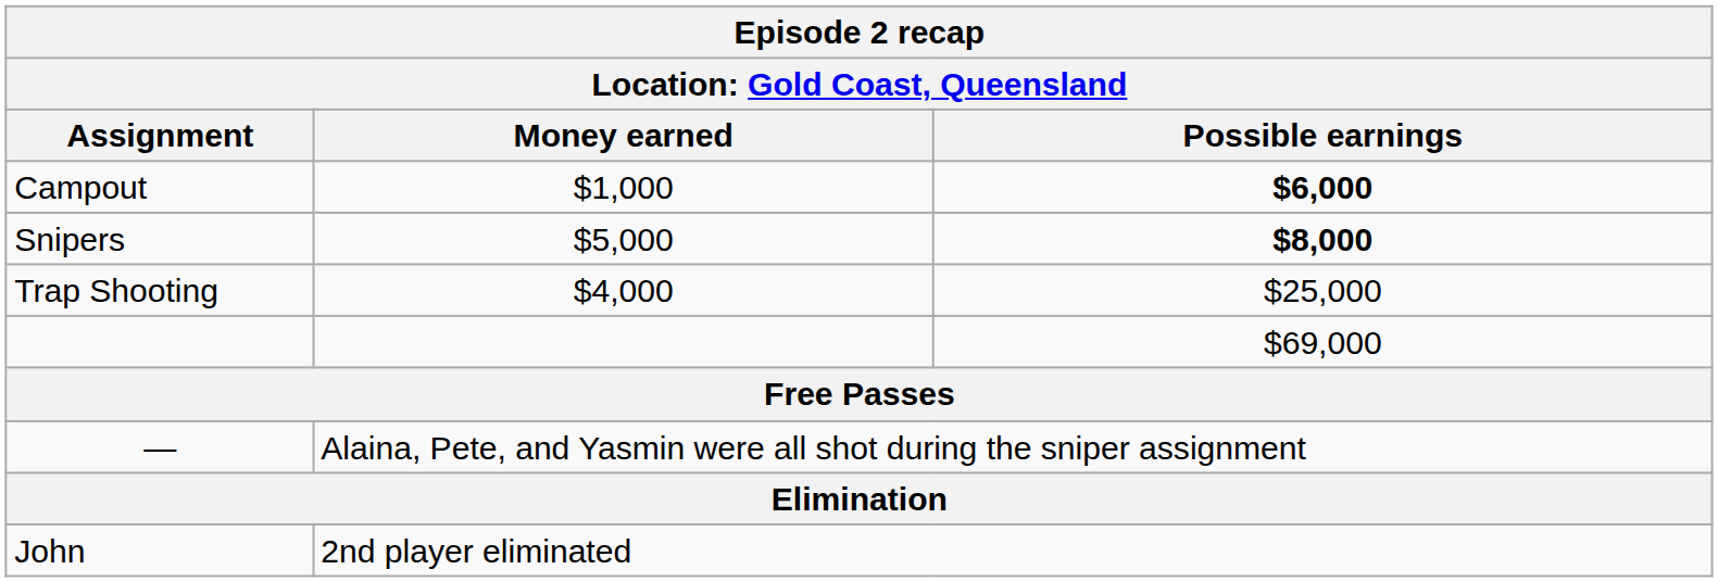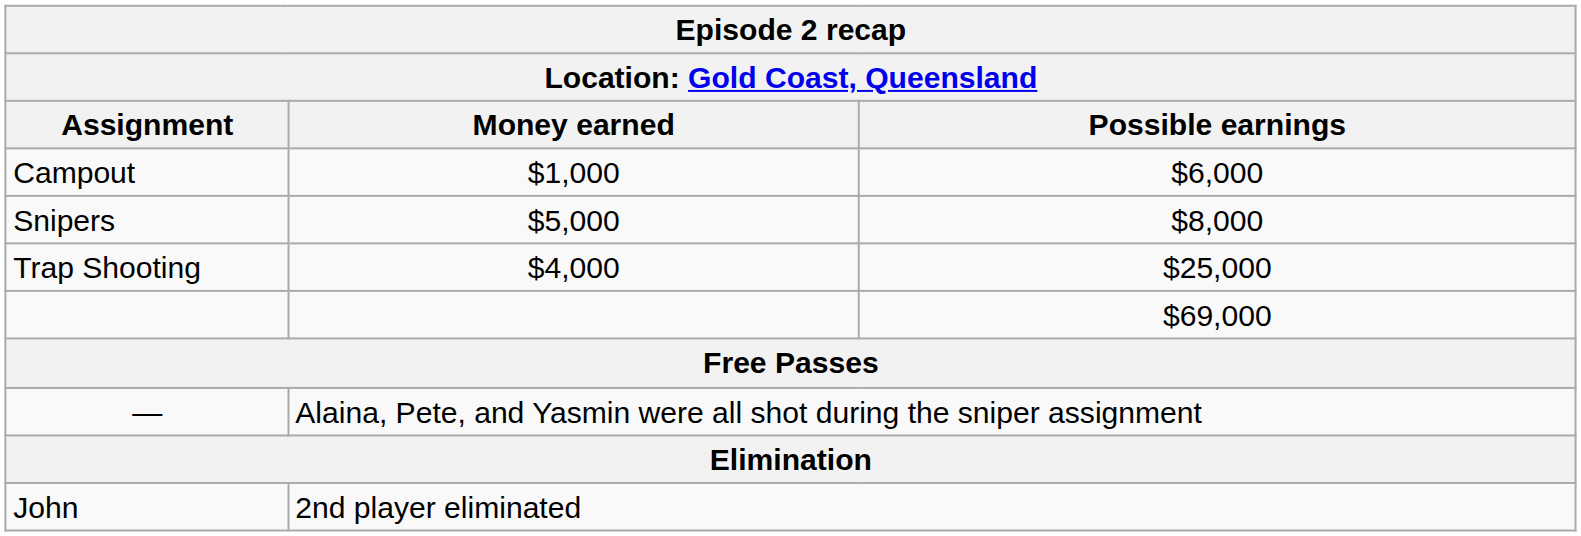 <table class="wikitable" style="font-size: 95%; margin: 10px" align="right" width="40%">
 <tr>
 <th colspan=3>Episode 2 recap</th>
 </tr>
 <tr>
 <th colspan=3>Location: <a href='#'>Gold Coast, Queensland</a></th>
 </tr>
 <tr>
 <th>Assignment</th>
 <th>Money earned</th>
 <th>Possible earnings</th>
 </tr>
 <tr>
 <td>Campout</td>
 <td align="center">$1,000</td>
-<td align="center"><strong>$6,000</strong></td>
+<td align="center">$6,000</td>
 </tr>
 <tr>
 <td>Snipers</td>
 <td align="center">$5,000</td>
-<td align="center"><strong>$8,000</strong></td>
+<td align="center">$8,000</td>
 </tr>
 <tr>
 <td>Trap Shooting</td>
 <td align="center">$4,000</td>
 <td align="center">$25,000</td>
 </tr>
 <tr>
 <td><strong></strong></td>
 <td align="center"><strong></strong></td>
 <td align="center">$69,000</td>
 </tr>
 <tr>
 <th colspan=3>Free Passes</th>
 </tr>
 <tr>
 <td align="center">—</td>
 <td colspan=2>Alaina, Pete, and Yasmin were all shot during the sniper assignment</td>
 </tr>
 <tr>
 <th colspan=3>Elimination</th>
 </tr>
 <tr>
 <td>John</td>
 <td colspan=2>2nd player eliminated</td>
 </tr>
 </table>
